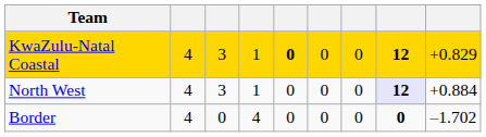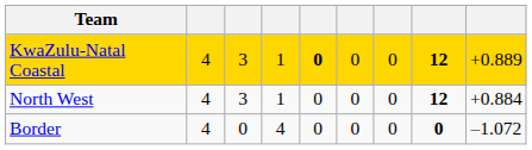 <table class="wikitable" style="text-align:center">
 <tr>
 <th width="150">Team</th>
 <th width="25"></th>
 <th width="25"></th>
 <th width="25"></th>
 <th width="25"></th>
 <th width="25"></th>
 <th width="25"></th>
 <th width="40"></th>
 <th width="45"></th>
 </tr>
 <tr style="background:gold">
 <td style="text-align:left"><a href='#'>KwaZulu-Natal Coastal</a></td>
 <td>4</td>
 <td>3</td>
 <td>1</td>
 <td><strong>0</strong></td>
 <td>0</td>
 <td>0</td>
 <td><strong>12</strong></td>
-<td>+0.829</td>
+<td>+0.889</td>
 </tr>
 <tr>
 <td style="text-align:left"><a href='#'>North West</a></td>
 <td>4</td>
 <td>3</td>
 <td>1</td>
 <td>0</td>
 <td>0</td>
 <td>0</td>
-<td style="background: lavender;"><strong>12</strong></td>
+<td><strong>12</strong></td>
 <td>+0.884</td>
 </tr>
 <tr>
 <td style="text-align:left"><a href='#'>Border</a></td>
 <td>4</td>
 <td>0</td>
 <td>4</td>
 <td>0</td>
 <td>0</td>
 <td>0</td>
 <td><strong>0</strong></td>
-<td>–1.702</td>
+<td>–1.072</td>
 </tr>
 </table>
